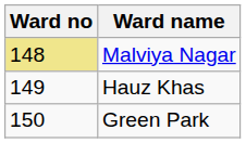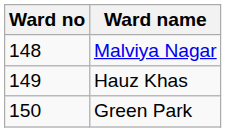 <table class="wikitable sortable">
 <tr>
 <th>Ward no</th>
 <th>Ward name</th>
 </tr>
 <tr>
-<td style="background: khaki;">148</td>
+<td>148</td>
 <td><a href='#'>Malviya Nagar</a></td>
 </tr>
 <tr>
 <td>149</td>
 <td>Hauz Khas</td>
 </tr>
 <tr>
 <td>150</td>
 <td>Green Park</td>
 </tr>
 </table>
